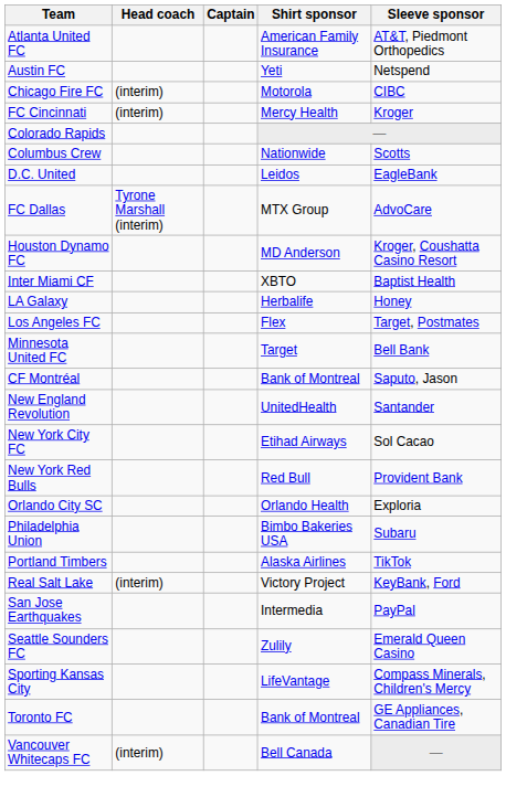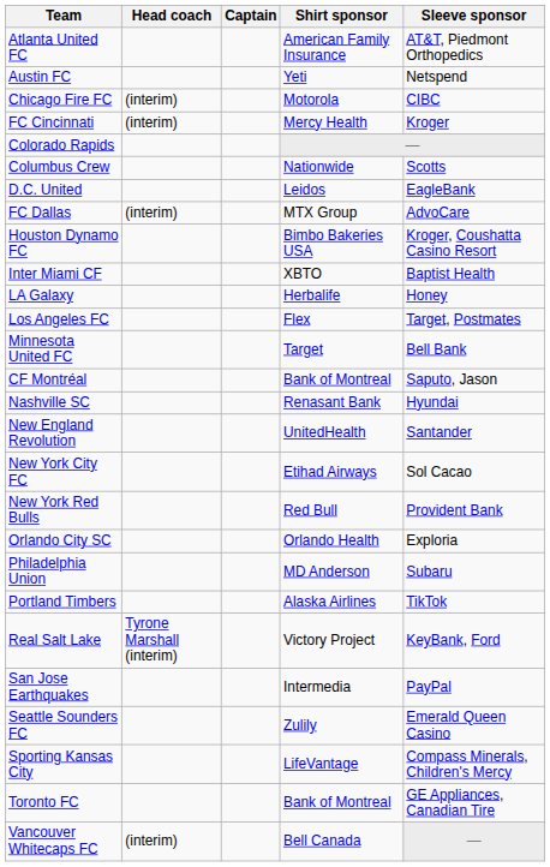 <table class="wikitable sortable" style="text-align: left;">
 <tr>
 <th>Team</th>
 <th>Head coach</th>
 <th>Captain</th>
 <th>Shirt sponsor</th>
 <th>Sleeve sponsor</th>
 </tr>
 <tr>
 <td><a href='#'>Atlanta United FC</a></td>
 <td> </td>
 <td> </td>
 <td><a href='#'>American Family Insurance</a></td>
 <td><a href='#'>AT&T</a>, Piedmont Orthopedics</td>
 </tr>
 <tr>
 <td><a href='#'>Austin FC</a></td>
 <td> </td>
 <td> </td>
 <td><a href='#'>Yeti</a></td>
 <td>Netspend</td>
 </tr>
 <tr>
 <td><a href='#'>Chicago Fire FC</a></td>
 <td>  (interim)</td>
 <td> </td>
 <td><a href='#'>Motorola</a></td>
 <td><a href='#'>CIBC</a></td>
 </tr>
 <tr>
 <td><a href='#'>FC Cincinnati</a></td>
 <td>  (interim)</td>
 <td> </td>
 <td><a href='#'>Mercy Health</a></td>
 <td><a href='#'>Kroger</a></td>
 </tr>
 <tr>
 <td><a href='#'>Colorado Rapids</a></td>
 <td> </td>
 <td> </td>
 <td align="center" colspan=2 style="background:#ececec; color:gray">—</td>
 </tr>
 <tr>
 <td><a href='#'>Columbus Crew</a></td>
 <td> </td>
 <td> </td>
 <td><a href='#'>Nationwide</a></td>
 <td><a href='#'>Scotts</a></td>
 </tr>
 <tr>
 <td><a href='#'>D.C. United</a></td>
 <td> </td>
 <td> </td>
 <td><a href='#'>Leidos</a></td>
 <td><a href='#'>EagleBank</a></td>
 </tr>
 <tr>
 <td><a href='#'>FC Dallas</a></td>
-<td> <a href='#'>Tyrone Marshall</a> (interim)</td>
+<td>  (interim)</td>
 <td> </td>
 <td>MTX Group</td>
 <td><a href='#'>AdvoCare</a></td>
 </tr>
 <tr>
 <td><a href='#'>Houston Dynamo FC</a></td>
 <td> </td>
 <td> </td>
-<td><a href='#'>MD Anderson</a></td>
+<td><a href='#'>Bimbo Bakeries USA</a></td>
 <td><a href='#'>Kroger</a>, <a href='#'>Coushatta Casino Resort</a></td>
 </tr>
 <tr>
 <td><a href='#'>Inter Miami CF</a></td>
 <td> </td>
 <td> </td>
 <td>XBTO</td>
 <td><a href='#'>Baptist Health</a></td>
 </tr>
 <tr>
 <td><a href='#'>LA Galaxy</a></td>
 <td> </td>
 <td> </td>
 <td><a href='#'>Herbalife</a></td>
 <td><a href='#'>Honey</a></td>
 </tr>
 <tr>
 <td><a href='#'>Los Angeles FC</a></td>
 <td> </td>
 <td> </td>
 <td><a href='#'>Flex</a></td>
 <td><a href='#'>Target</a>, <a href='#'>Postmates</a></td>
 </tr>
 <tr>
 <td><a href='#'>Minnesota United FC</a></td>
 <td> </td>
 <td> </td>
 <td><a href='#'>Target</a></td>
 <td><a href='#'>Bell Bank</a></td>
 </tr>
 <tr>
 <td><a href='#'>CF Montréal</a></td>
 <td> </td>
 <td> </td>
 <td><a href='#'>Bank of Montreal</a></td>
 <td><a href='#'>Saputo</a>, Jason</td>
 </tr>
 <tr>
+<td><a href='#'>Nashville SC</a></td>
+<td> </td>
+<td> </td>
+<td><a href='#'>Renasant Bank</a></td>
+<td><a href='#'>Hyundai</a></td>
+</tr>
+<tr>
 <td><a href='#'>New England Revolution</a></td>
 <td> </td>
 <td> </td>
 <td><a href='#'>UnitedHealth</a></td>
 <td><a href='#'>Santander</a></td>
 </tr>
 <tr>
 <td><a href='#'>New York City FC</a></td>
 <td> </td>
 <td> </td>
 <td><a href='#'>Etihad Airways</a></td>
 <td>Sol Cacao</td>
 </tr>
 <tr>
 <td><a href='#'>New York Red Bulls</a></td>
 <td> </td>
 <td> </td>
 <td><a href='#'>Red Bull</a></td>
 <td><a href='#'>Provident Bank</a></td>
 </tr>
 <tr>
 <td><a href='#'>Orlando City SC</a></td>
 <td> </td>
 <td> </td>
 <td><a href='#'>Orlando Health</a></td>
 <td>Exploria</td>
 </tr>
 <tr>
 <td><a href='#'>Philadelphia Union</a></td>
 <td> </td>
 <td> </td>
-<td><a href='#'>Bimbo Bakeries USA</a></td>
+<td><a href='#'>MD Anderson</a></td>
 <td><a href='#'>Subaru</a></td>
 </tr>
 <tr>
 <td><a href='#'>Portland Timbers</a></td>
 <td> </td>
 <td> </td>
 <td><a href='#'>Alaska Airlines</a></td>
 <td><a href='#'>TikTok</a></td>
 </tr>
 <tr>
 <td><a href='#'>Real Salt Lake</a></td>
-<td>  (interim)</td>
+<td> <a href='#'>Tyrone Marshall</a> (interim)</td>
 <td> </td>
 <td>Victory Project</td>
 <td><a href='#'>KeyBank</a>, <a href='#'>Ford</a></td>
 </tr>
 <tr>
 <td><a href='#'>San Jose Earthquakes</a></td>
 <td> </td>
 <td> </td>
 <td>Intermedia</td>
 <td><a href='#'>PayPal</a></td>
 </tr>
 <tr>
 <td><a href='#'>Seattle Sounders FC</a></td>
 <td> </td>
 <td> </td>
 <td><a href='#'>Zulily</a></td>
 <td><a href='#'>Emerald Queen Casino</a></td>
 </tr>
 <tr>
 <td><a href='#'>Sporting Kansas City</a></td>
 <td> </td>
 <td> </td>
 <td><a href='#'>LifeVantage</a></td>
 <td><a href='#'>Compass Minerals</a>, <a href='#'>Children's Mercy</a></td>
 </tr>
 <tr>
 <td><a href='#'>Toronto FC</a></td>
 <td> </td>
 <td> </td>
 <td><a href='#'>Bank of Montreal</a></td>
 <td><a href='#'>GE Appliances</a>, <a href='#'>Canadian Tire</a></td>
 </tr>
 <tr>
 <td><a href='#'>Vancouver Whitecaps FC</a></td>
 <td>  (interim)</td>
 <td> </td>
 <td><a href='#'>Bell Canada</a></td>
 <td align="center" style="background:#ececec; color:gray">—</td>
 </tr>
 </table>
